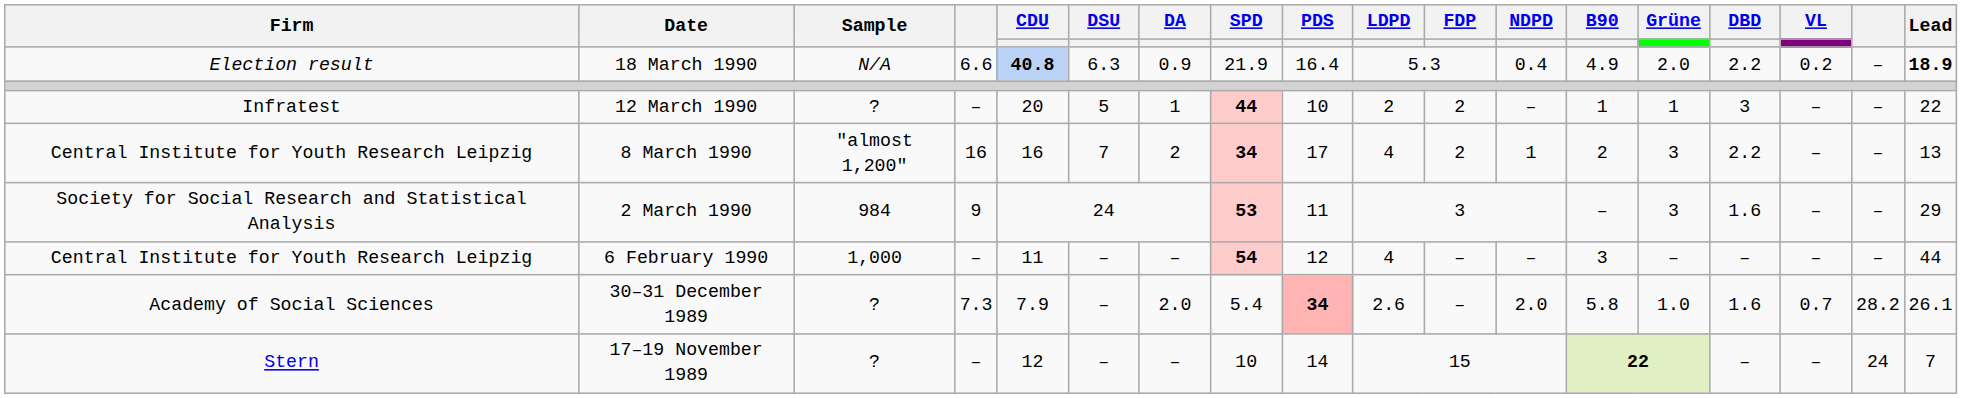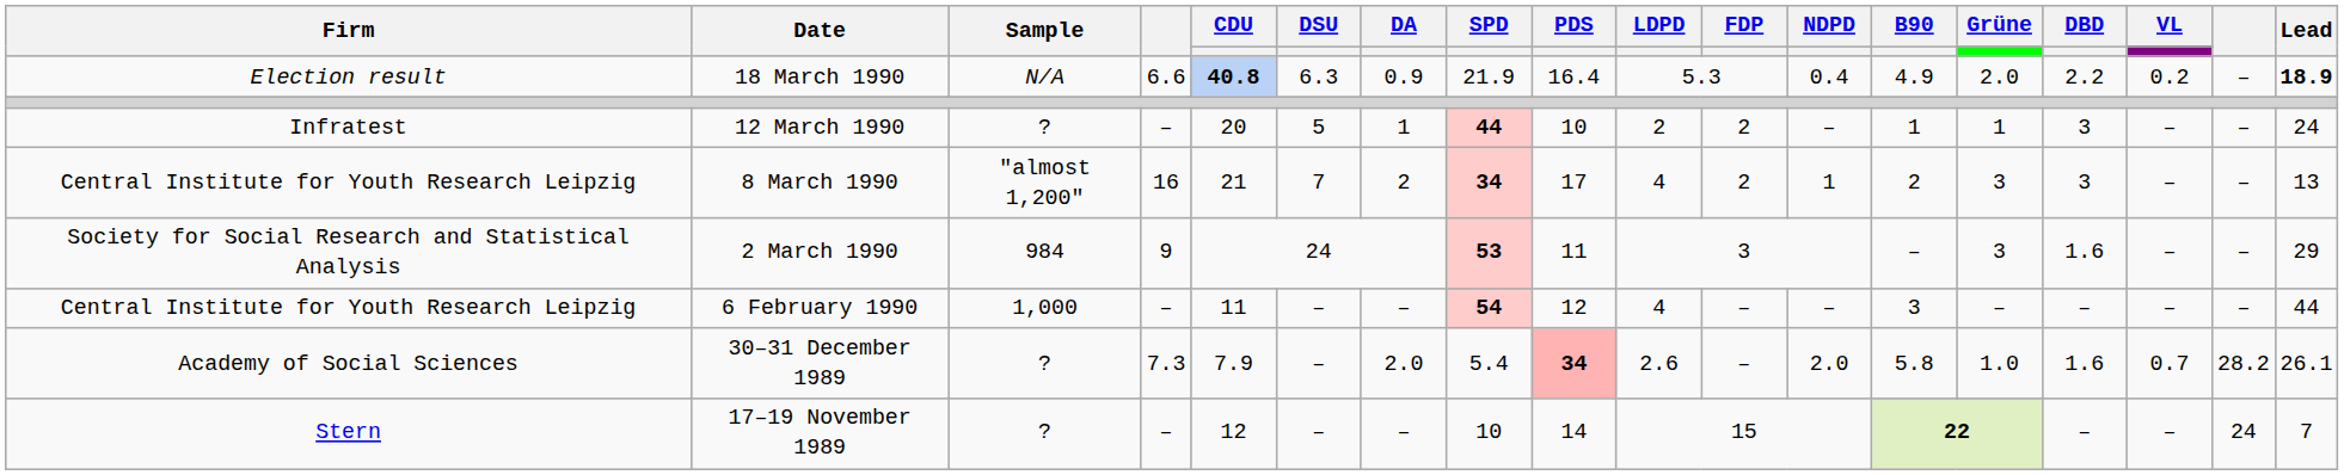 <table class="wikitable sortable" style="text-align:center; font-size:90%; line-height:16px">
 <tr>
 <th rowspan=2>Firm</th>
 <th rowspan=2>Date</th>
 <th rowspan=2>Sample</th>
 <th rowspan=2></th>
 <th class="unsortable" style="width:40px;"><a href='#'>CDU</a></th>
 <th class="unsortable" style="width:40px;"><a href='#'>DSU</a></th>
 <th class="unsortable" style="width:40px;"><a href='#'>DA</a></th>
 <th class="unsortable" style="width:40px;"><a href='#'>SPD</a></th>
 <th class="unsortable" style="width:40px;"><a href='#'>PDS</a></th>
 <th class="unsortable" style="width:40px;"><a href='#'>LDPD</a></th>
 <th class="unsortable" style="width:40px;"><a href='#'>FDP</a></th>
 <th class="unsortable" style="width:40px;"><a href='#'>NDPD</a></th>
 <th class="unsortable" style="width:40px;"><a href='#'>B90</a></th>
 <th class="unsortable" style="width:40px;"><a href='#'>Grüne</a></th>
 <th class="unsortable" style="width:40px;"><a href='#'>DBD</a></th>
 <th class="unsortable" style="width:40px;"><a href='#'>VL</a></th>
 <th rowspan=2></th>
 <th rowspan=2>Lead</th>
 </tr>
 <tr>
 <th style="background:"></th>
 <th style="background:"></th>
 <th style="background:"></th>
 <th style="background:"></th>
 <th style="background:"></th>
 <th style="background:"></th>
 <th style="background:"></th>
 <th style="background:"></th>
 <th style="background:"></th>
 <th style="background:#00FF00" data-sort-type="number"></th>
 <th style="background:"></th>
 <th style="background:#800080" data-sort-type="number"></th>
 </tr>
 <tr>
 <td><em>Election result</em></td>
 <td>18 March 1990</td>
 <td><em>N/A</em></td>
 <td>6.6</td>
 <td bgcolor=#BBD2F7><strong>40.8</strong></td>
 <td>6.3</td>
 <td>0.9</td>
 <td>21.9</td>
 <td>16.4</td>
 <td colspan=2>5.3</td>
 <td>0.4</td>
 <td>4.9</td>
 <td>2.0</td>
 <td>2.2</td>
 <td>0.2</td>
 <td>–</td>
 <td bgcolor=><strong>18.9</strong></td>
 </tr>
 <tr>
 <td colspan=18 bgcolor=lightgrey></td>
 </tr>
 <tr>
 <td>Infratest</td>
 <td>12 March 1990</td>
 <td>?</td>
 <td>–</td>
 <td>20</td>
 <td>5</td>
 <td>1</td>
 <td bgcolor=#FFCCCC><strong>44</strong></td>
 <td>10</td>
 <td>2</td>
 <td>2</td>
 <td>–</td>
 <td>1</td>
 <td>1</td>
 <td>3</td>
 <td>–</td>
 <td>–</td>
-<td bgcolor=>22</td>
+<td bgcolor=>24</td>
 </tr>
 <tr>
 <td>Central Institute for Youth Research Leipzig</td>
 <td>8 March 1990</td>
 <td>"almost 1,200"</td>
 <td>16</td>
-<td>16</td>
+<td>21</td>
 <td>7</td>
 <td>2</td>
 <td bgcolor=#FFCCCC><strong>34</strong></td>
 <td>17</td>
 <td>4</td>
 <td>2</td>
 <td>1</td>
 <td>2</td>
 <td>3</td>
-<td>2.2</td>
+<td>3</td>
 <td>–</td>
 <td>–</td>
 <td bgcolor=>13</td>
 </tr>
 <tr>
 <td>Society for Social Research and Statistical Analysis</td>
 <td>2 March 1990</td>
 <td>984</td>
 <td>9</td>
 <td colspan=3>24</td>
 <td bgcolor=#FFCCCC><strong>53</strong></td>
 <td>11</td>
 <td colspan=3>3</td>
 <td>–</td>
 <td>3</td>
 <td>1.6</td>
 <td>–</td>
 <td>–</td>
 <td bgcolor=>29</td>
 </tr>
 <tr>
 <td>Central Institute for Youth Research Leipzig</td>
 <td>6 February 1990</td>
 <td>1,000</td>
 <td>–</td>
 <td>11</td>
 <td>–</td>
 <td>–</td>
 <td bgcolor=#FFCCCC><strong>54</strong></td>
 <td>12</td>
 <td>4</td>
 <td>–</td>
 <td>–</td>
 <td>3</td>
 <td>–</td>
 <td>–</td>
 <td>–</td>
 <td>–</td>
 <td bgcolor=>44</td>
 </tr>
 <tr>
 <td>Academy of Social Sciences</td>
 <td>30–31 December 1989</td>
 <td>?</td>
 <td>7.3</td>
 <td>7.9</td>
 <td>–</td>
 <td>2.0</td>
 <td>5.4</td>
 <td bgcolor=#FFB3B3><strong>34</strong></td>
 <td>2.6</td>
 <td>–</td>
 <td>2.0</td>
 <td>5.8</td>
 <td>1.0</td>
 <td>1.6</td>
 <td>0.7</td>
 <td>28.2</td>
 <td bgcolor=>26.1</td>
 </tr>
 <tr>
 <td><a href='#'>Stern</a></td>
 <td>17–19 November 1989</td>
 <td>?</td>
 <td>–</td>
 <td>12</td>
 <td>–</td>
 <td>–</td>
 <td>10</td>
 <td>14</td>
 <td colspan=3>15</td>
 <td colspan=2 bgcolor=#E1F0C2><strong>22</strong></td>
 <td>–</td>
 <td>–</td>
 <td>24</td>
 <td bgcolor=>7</td>
 </tr>
 </table>
